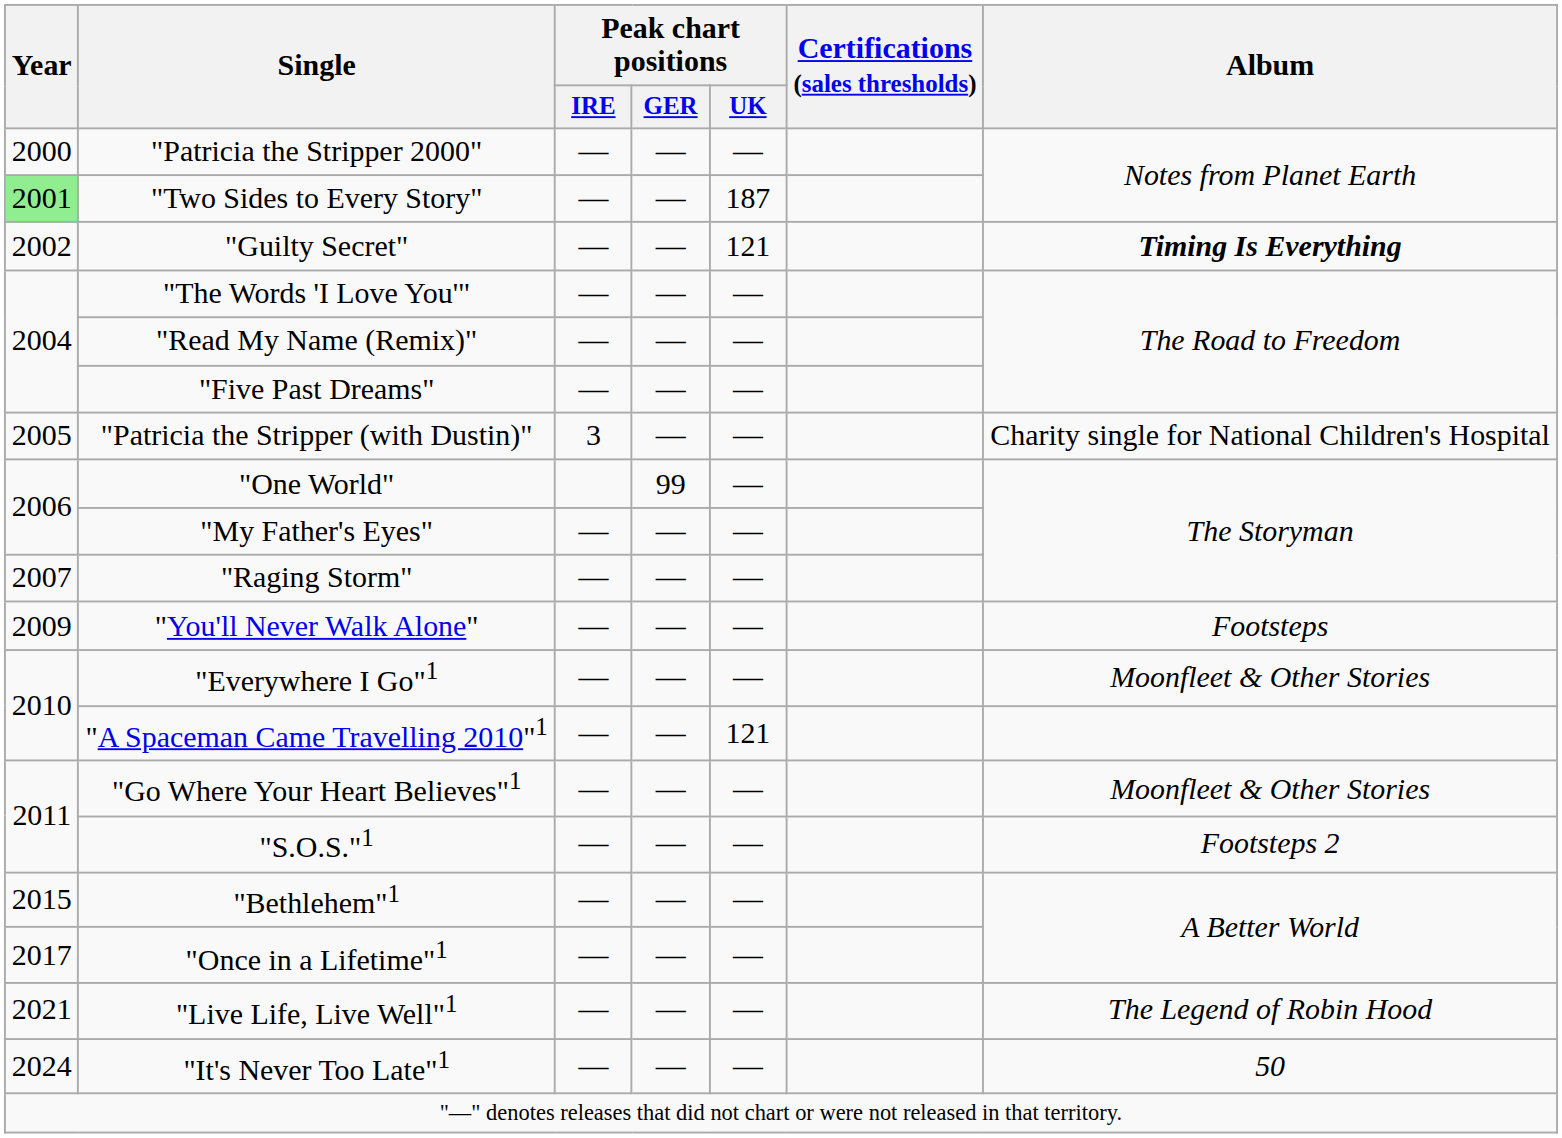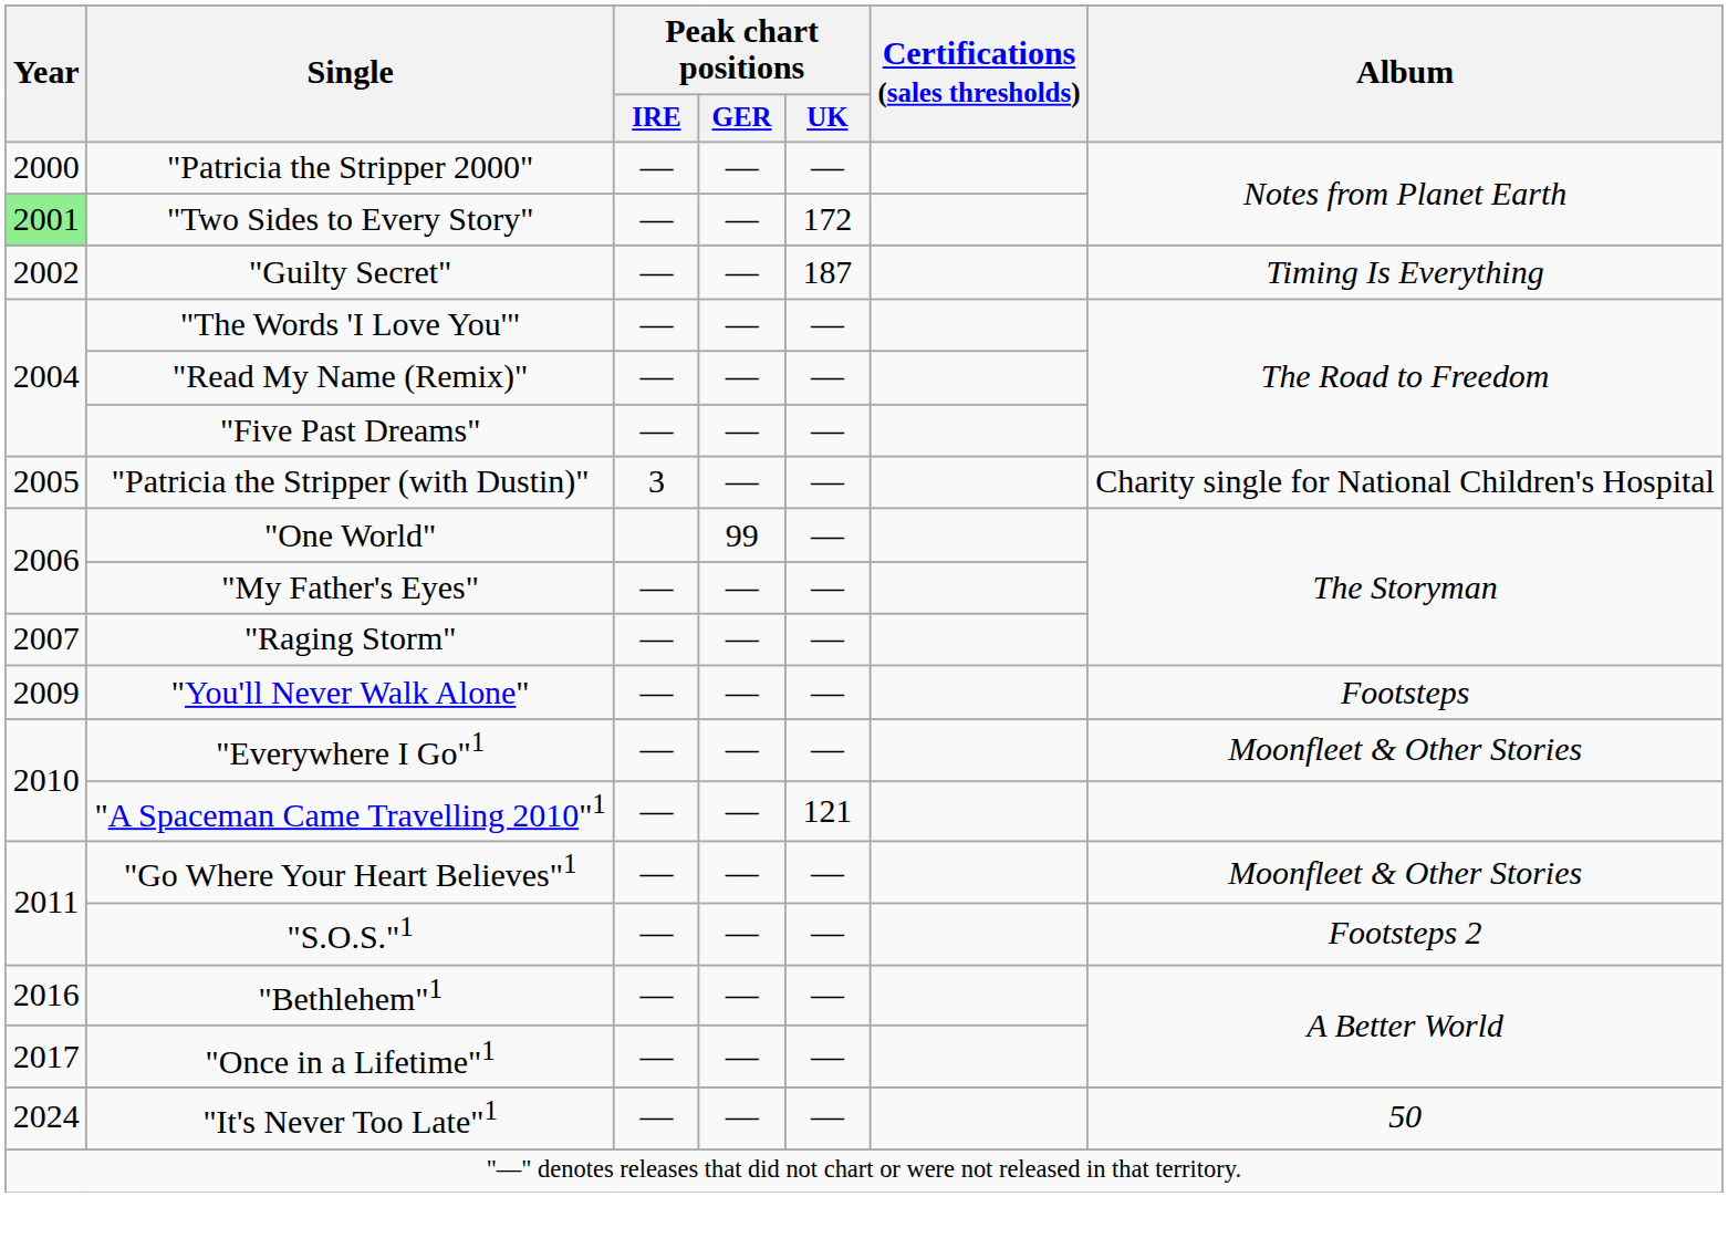 <table class="wikitable" style="text-align:center;">
 <tr>
 <th rowspan="2">Year</th>
 <th rowspan="2">Single</th>
 <th colspan="3">Peak chart positions</th>
 <th rowspan="2"><a href='#'>Certifications</a><br><small>(<a href='#'>sales thresholds</a>)</small></th>
 <th rowspan="2">Album</th>
 </tr>
 <tr style="font-size:smaller;">
 <th width="35"><a href='#'>IRE</a></th>
 <th width="35"><a href='#'>GER</a></th>
 <th width="35"><a href='#'>UK</a><br></th>
 </tr>
 <tr>
 <td>2000</td>
 <td>"Patricia the Stripper 2000"</td>
 <td>—</td>
 <td>—</td>
 <td>—</td>
 <td></td>
 <td Rowspan=2><em>Notes from Planet Earth</em></td>
 </tr>
 <tr>
 <td style="background: lightgreen;">2001</td>
 <td>"Two Sides to Every Story"</td>
 <td>—</td>
 <td>—</td>
-<td>187</td>
+<td>172</td>
 <td></td>
 </tr>
 <tr>
 <td>2002</td>
 <td>"Guilty Secret"</td>
 <td>—</td>
 <td>—</td>
-<td>121</td>
+<td>187</td>
 <td></td>
-<td><strong><em>Timing Is Everything</em></strong></td>
+<td><em>Timing Is Everything</em></td>
 </tr>
 <tr>
 <td Rowspan=3>2004</td>
 <td>"The Words 'I Love You'"</td>
 <td>—</td>
 <td>—</td>
 <td>—</td>
 <td></td>
 <td Rowspan=3><em>The Road to Freedom</em></td>
 </tr>
 <tr>
 <td>"Read My Name (Remix)"</td>
 <td>—</td>
 <td>—</td>
 <td>—</td>
 <td></td>
 </tr>
 <tr>
 <td>"Five Past Dreams"</td>
 <td>—</td>
 <td>—</td>
 <td>—</td>
 <td></td>
 </tr>
 <tr>
 <td>2005</td>
 <td>"Patricia the Stripper (with Dustin)"</td>
 <td>3</td>
 <td>—</td>
 <td>—</td>
 <td></td>
 <td>Charity single for National Children's Hospital</td>
 </tr>
 <tr>
 <td Rowspan = 2>2006</td>
 <td>"One World"</td>
 <td></td>
 <td>99</td>
 <td>—</td>
 <td></td>
 <td Rowspan="3"><em>The Storyman</em></td>
 </tr>
 <tr>
 <td>"My Father's Eyes"</td>
 <td>—</td>
 <td>—</td>
 <td>—</td>
 <td></td>
 </tr>
 <tr>
 <td>2007</td>
 <td>"Raging Storm"</td>
 <td>—</td>
 <td>—</td>
 <td>—</td>
 <td></td>
 </tr>
 <tr>
 <td>2009</td>
 <td>"<a href='#'>You'll Never Walk Alone</a>"</td>
 <td>—</td>
 <td>—</td>
 <td>—</td>
 <td></td>
 <td><em>Footsteps</em></td>
 </tr>
 <tr>
 <td Rowspan="2">2010</td>
 <td>"Everywhere I Go"<sup>1</sup></td>
 <td>—</td>
 <td>—</td>
 <td>—</td>
 <td></td>
 <td><em>Moonfleet & Other Stories</em></td>
 </tr>
 <tr>
 <td>"<a href='#'>A Spaceman Came Travelling 2010</a>"<sup>1</sup></td>
 <td>—</td>
 <td>—</td>
 <td>121</td>
 <td></td>
 <td></td>
 </tr>
 <tr UK 36>
 <td Rowspan="2">2011</td>
 <td>"Go Where Your Heart Believes"<sup>1</sup></td>
 <td>—</td>
 <td>—</td>
 <td>—</td>
 <td></td>
 <td><em>Moonfleet & Other Stories</em></td>
 </tr>
 <tr>
 <td>"S.O.S."<sup>1</sup></td>
 <td>—</td>
 <td>—</td>
 <td>—</td>
 <td></td>
 <td><em>Footsteps 2</em></td>
 </tr>
 <tr>
-<td>2015</td>
+<td>2016</td>
 <td>"Bethlehem"<sup>1</sup></td>
 <td>—</td>
 <td>—</td>
 <td>—</td>
 <td></td>
 <td Rowspan="2"><em>A Better World</em></td>
 </tr>
 <tr>
 <td>2017</td>
 <td>"Once in a Lifetime"<sup>1</sup></td>
 <td>—</td>
 <td>—</td>
 <td>—</td>
 <td></td>
 </tr>
 <tr>
-<td>2021</td>
-<td>"Live Life, Live Well"<sup>1</sup></td>
-<td>—</td>
-<td>—</td>
-<td>—</td>
-<td></td>
-<td><em>The Legend of Robin Hood</em></td>
-</tr>
-<tr>
 <td>2024</td>
 <td>"It's Never Too Late"<sup>1</sup></td>
 <td>—</td>
 <td>—</td>
 <td>—</td>
 <td></td>
 <td><em>50</em></td>
 </tr>
 <tr>
 <td colspan="7" style="text-align:center; font-size:9pt;">"—" denotes releases that did not chart or were not released in that territory.</td>
 </tr>
 </table>
